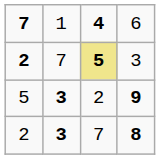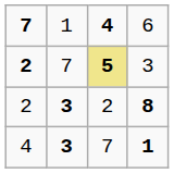 <table class="wikitable" style="margin-left:auto;margin-right:auto;text-align:center;width:8em;height:8em;table-layout:fixed;">
 <tr>
 <td><strong>7</strong></td>
 <td>1</td>
 <td><strong>4</strong></td>
 <td>6</td>
 </tr>
 <tr>
 <td><strong>2</strong></td>
 <td>7</td>
 <td style="background: khaki;"><strong>5</strong></td>
 <td>3</td>
 </tr>
 <tr>
-<td>5</td>
+<td>2</td>
 <td><strong>3</strong></td>
 <td>2</td>
-<td><strong>9</strong></td>
+<td><strong>8</strong></td>
 </tr>
 <tr>
-<td>2</td>
+<td>4</td>
 <td><strong>3</strong></td>
 <td>7</td>
-<td><strong>8</strong></td>
+<td><strong>1</strong></td>
 </tr>
 </table>
